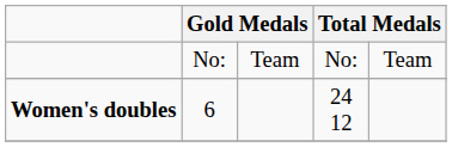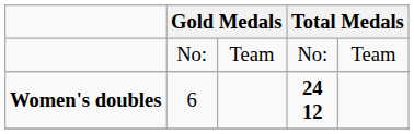 <table class="wikitable" style="text-align: center; font-size:95%;">
 <tr>
 <td></td>
 <th colspan=2>Gold Medals</th>
 <th colspan=2>Total Medals</th>
 </tr>
 <tr>
 <td></td>
 <td>No:</td>
 <td>Team</td>
 <td>No:</td>
 <td>Team</td>
 </tr>
 <tr>
 </tr>
 <tr>
 <td><strong>Women's doubles</strong></td>
 <td>6</td>
 <td align="left"> <br> </td>
-<td>24 <br> 12</td>
+<td><strong>24 <br> 12</strong></td>
 <td align="left"> <br> </td>
 </tr>
 <tr>
 </tr>
 </table>
